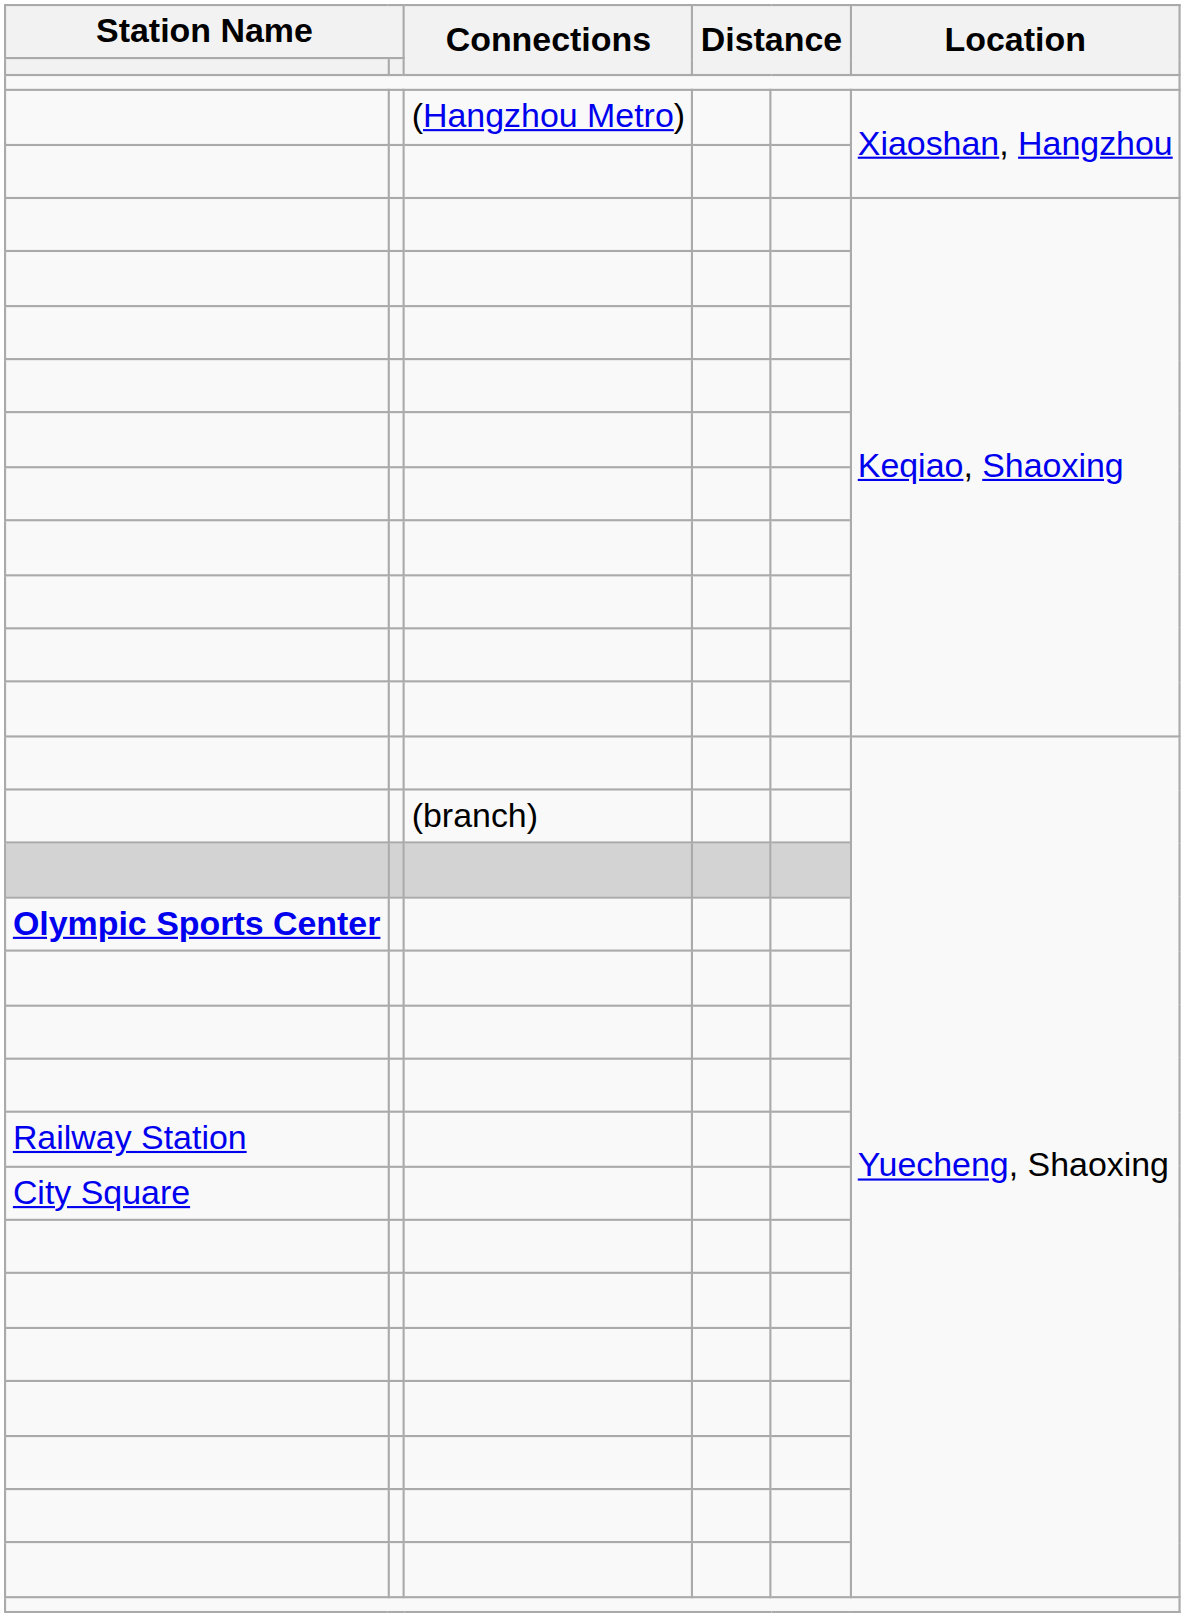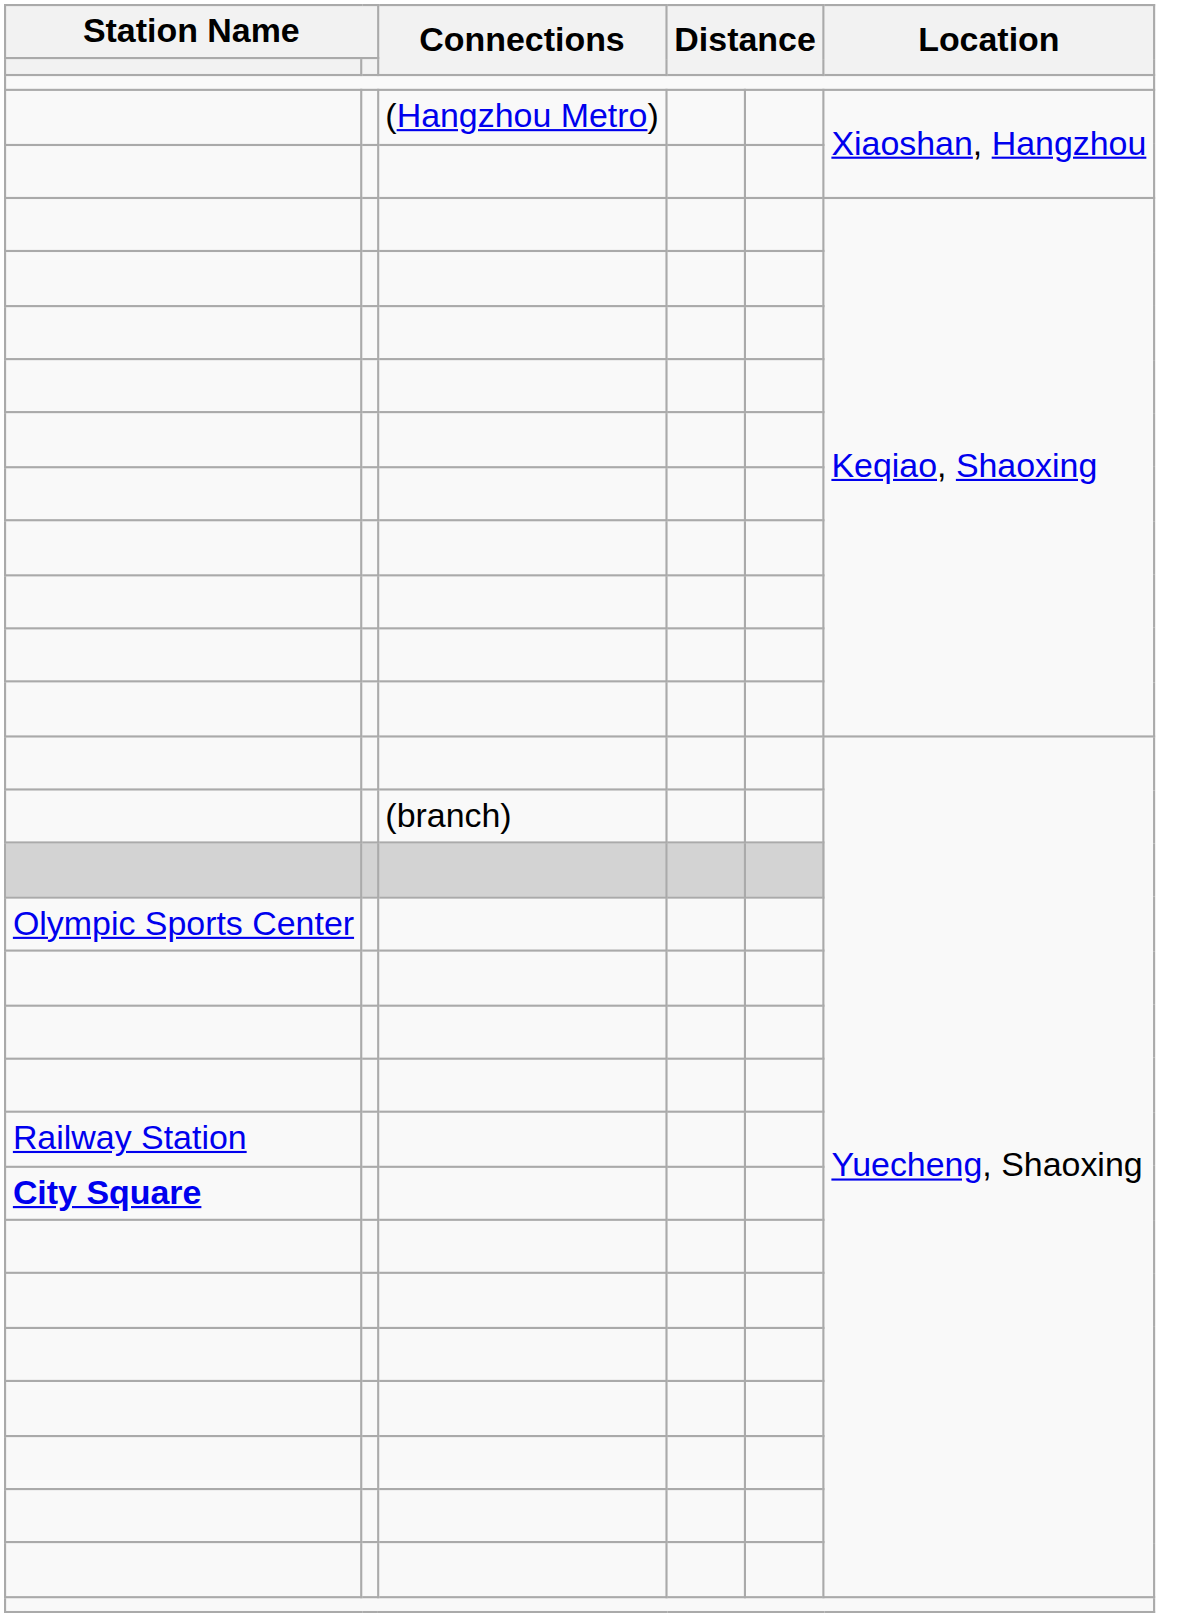 <table class="wikitable">
 <tr>
 <th colspan="2">Station Name</th>
 <th rowspan="2">Connections</th>
 <th colspan="2" rowspan="2">Distance<br></th>
 <th rowspan="2">Location</th>
 </tr>
 <tr>
 <th></th>
 <th></th>
 </tr>
 <tr style="background:#">
 <td colspan="6"></td>
 </tr>
 <tr>
 <td></td>
 <td></td>
 <td> (<a href='#'>Hangzhou Metro</a>)</td>
 <td> </td>
 <td> </td>
 <td rowspan="2"><a href='#'>Xiaoshan</a>, <a href='#'>Hangzhou</a></td>
 </tr>
 <tr>
 <td></td>
 <td></td>
 <td></td>
 <td> </td>
 <td> </td>
 </tr>
 <tr>
 <td></td>
 <td></td>
 <td></td>
 <td> </td>
 <td> </td>
 <td rowspan="10"><a href='#'>Keqiao</a>, <a href='#'>Shaoxing</a></td>
 </tr>
 <tr>
 <td></td>
 <td></td>
 <td></td>
 <td> </td>
 <td> </td>
 </tr>
 <tr>
 <td></td>
 <td></td>
 <td></td>
 <td> </td>
 <td> </td>
 </tr>
 <tr>
 <td></td>
 <td></td>
 <td></td>
 <td> </td>
 <td> </td>
 </tr>
 <tr>
 <td></td>
 <td></td>
 <td></td>
 <td> </td>
 <td> </td>
 </tr>
 <tr>
 <td></td>
 <td></td>
 <td></td>
 <td> </td>
 <td> </td>
 </tr>
 <tr>
 <td></td>
 <td></td>
 <td></td>
 <td> </td>
 <td> </td>
 </tr>
 <tr>
 <td></td>
 <td></td>
 <td></td>
 <td> </td>
 <td> </td>
 </tr>
 <tr>
 <td></td>
 <td></td>
 <td></td>
 <td> </td>
 <td> </td>
 </tr>
 <tr>
 <td></td>
 <td></td>
 <td></td>
 <td> </td>
 <td> </td>
 </tr>
 <tr>
 <td></td>
 <td></td>
 <td></td>
 <td> </td>
 <td> </td>
 <td rowspan="16"><a href='#'>Yuecheng</a>, Shaoxing</td>
 </tr>
 <tr>
 <td></td>
 <td></td>
 <td> (branch)</td>
 <td> </td>
 <td> </td>
 </tr>
 <tr bgcolor="lightgrey">
 <td><em></em></td>
 <td><em></em></td>
 <td></td>
 <td> </td>
 <td> </td>
 </tr>
 <tr>
-<td><strong><a href='#'>Olympic Sports Center</a></strong></td>
+<td><a href='#'>Olympic Sports Center</a></td>
 <td></td>
 <td></td>
 <td> </td>
 <td> </td>
 </tr>
 <tr>
 <td></td>
 <td></td>
 <td></td>
 <td> </td>
 <td> </td>
 </tr>
 <tr>
 <td></td>
 <td></td>
 <td></td>
 <td> </td>
 <td> </td>
 </tr>
 <tr>
 <td></td>
 <td></td>
 <td></td>
 <td> </td>
 <td> </td>
 </tr>
 <tr>
 <td><a href='#'>Railway Station</a></td>
 <td></td>
 <td></td>
 <td> </td>
 <td> </td>
 </tr>
 <tr>
-<td><a href='#'>City Square</a></td>
+<td><strong><a href='#'>City Square</a></strong></td>
 <td></td>
 <td></td>
 <td> </td>
 <td> </td>
 </tr>
 <tr>
 <td></td>
 <td></td>
 <td></td>
 <td> </td>
 <td> </td>
 </tr>
 <tr>
 <td></td>
 <td></td>
 <td></td>
 <td> </td>
 <td> </td>
 </tr>
 <tr>
 <td></td>
 <td></td>
 <td></td>
 <td> </td>
 <td> </td>
 </tr>
 <tr>
 <td></td>
 <td></td>
 <td></td>
 <td> </td>
 <td> </td>
 </tr>
 <tr>
 <td></td>
 <td></td>
 <td></td>
 <td> </td>
 <td> </td>
 </tr>
 <tr>
 <td></td>
 <td></td>
 <td></td>
 <td> </td>
 <td> </td>
 </tr>
 <tr>
 <td></td>
 <td></td>
 <td></td>
 <td> </td>
 <td> </td>
 </tr>
 <tr style="background:#">
 <td colspan="6"></td>
 </tr>
 </table>
